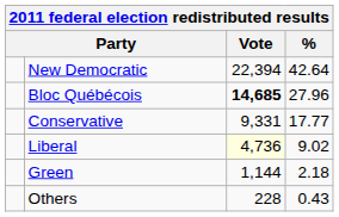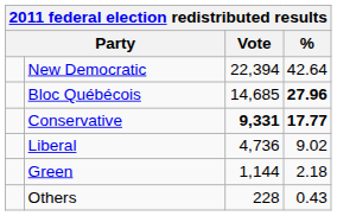 <table class="wikitable">
 <tr>
 <th colspan="4"><a href='#'>2011 federal election</a> redistributed results</th>
 </tr>
 <tr>
 <th bgcolor="#DDDDFF" width="130px" colspan="2">Party</th>
 <th bgcolor="#DDDDFF" width="50px">Vote</th>
 <th bgcolor="#DDDDFF" width="30px">%</th>
 </tr>
 <tr>
 <td> </td>
 <td><a href='#'>New Democratic</a></td>
 <td align=right>22,394</td>
 <td align=right>42.64</td>
 </tr>
 <tr>
 <td> </td>
 <td><a href='#'>Bloc Québécois</a></td>
-<td align=right><strong>14,685</strong></td>
-<td align=right>27.96</td>
+<td align=right>14,685</td>
+<td align=right><strong>27.96</strong></td>
 </tr>
 <tr>
 <td> </td>
 <td><a href='#'>Conservative</a></td>
-<td align=right>9,331</td>
-<td align=right>17.77</td>
+<td align=right><strong>9,331</strong></td>
+<td align=right><strong>17.77</strong></td>
 </tr>
 <tr>
 <td> </td>
 <td><a href='#'>Liberal</a></td>
-<td align=right style="background: lightyellow;">4,736</td>
+<td align=right>4,736</td>
 <td align=right>9.02</td>
 </tr>
 <tr>
 <td> </td>
 <td><a href='#'>Green</a></td>
 <td align=right>1,144</td>
 <td align=right>2.18</td>
 </tr>
 <tr>
 <td> </td>
 <td>Others</td>
 <td align=right>228</td>
 <td align=right>0.43</td>
 </tr>
 </table>
